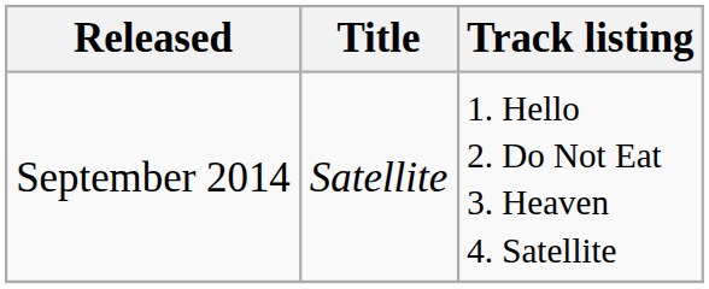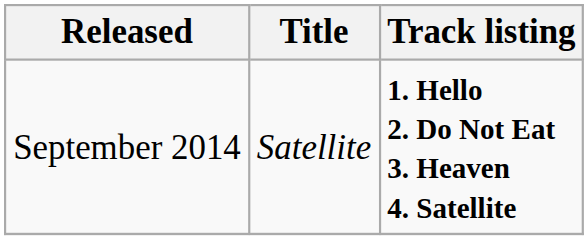 <table class="wikitable">
 <tr>
 <th rowspan="1">Released</th>
 <th rowspan="1">Title</th>
 <th rowspan="1">Track listing</th>
 </tr>
 <tr>
 <td>September 2014</td>
 <td><em>Satellite</em></td>
-<td><small> 1. Hello <br>2. Do Not Eat <br>3. Heaven <br>4. Satellite </small></td>
+<td><strong><small> 1. Hello <br>2. Do Not Eat <br>3. Heaven <br>4. Satellite </small></strong></td>
 </tr>
 <tr>
 </tr>
 </table>
